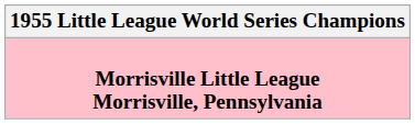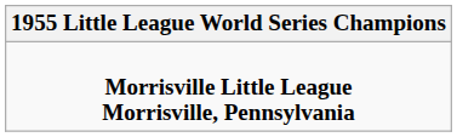 <table class="wikitable" style="text-align: center; margin: 0 auto;">
 <tr>
 <th>1955 Little League World Series Champions</th>
 </tr>
 <tr>
-<td style="background: pink;"><br><strong>Morrisville Little League</strong><br><strong>Morrisville, Pennsylvania</strong></td>
+<td><br><strong>Morrisville Little League</strong><br><strong>Morrisville, Pennsylvania</strong></td>
 </tr>
 </table>
